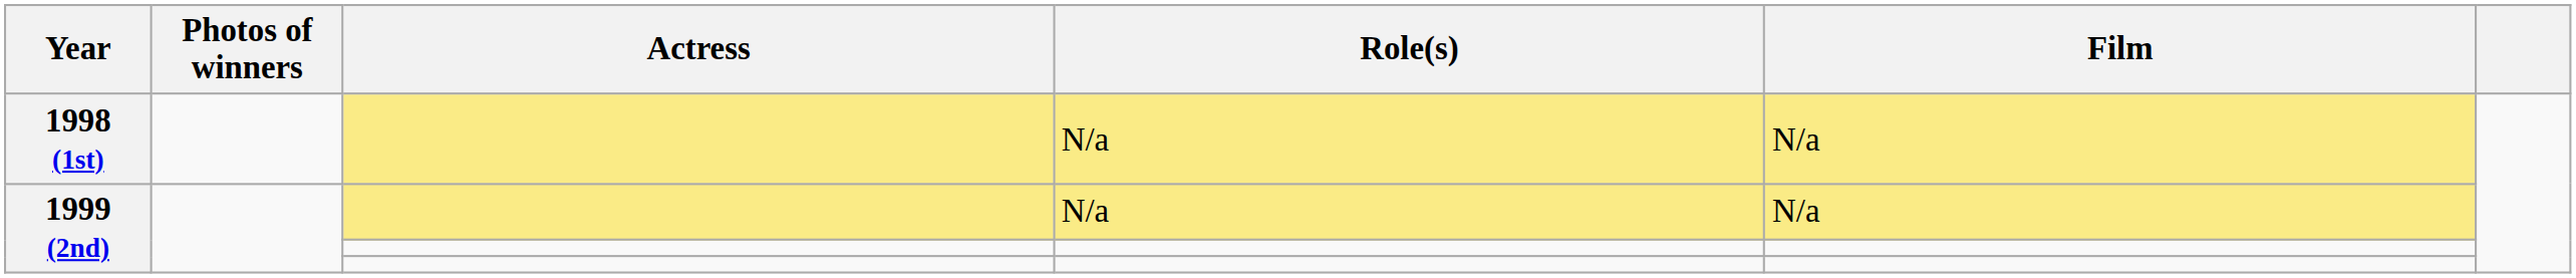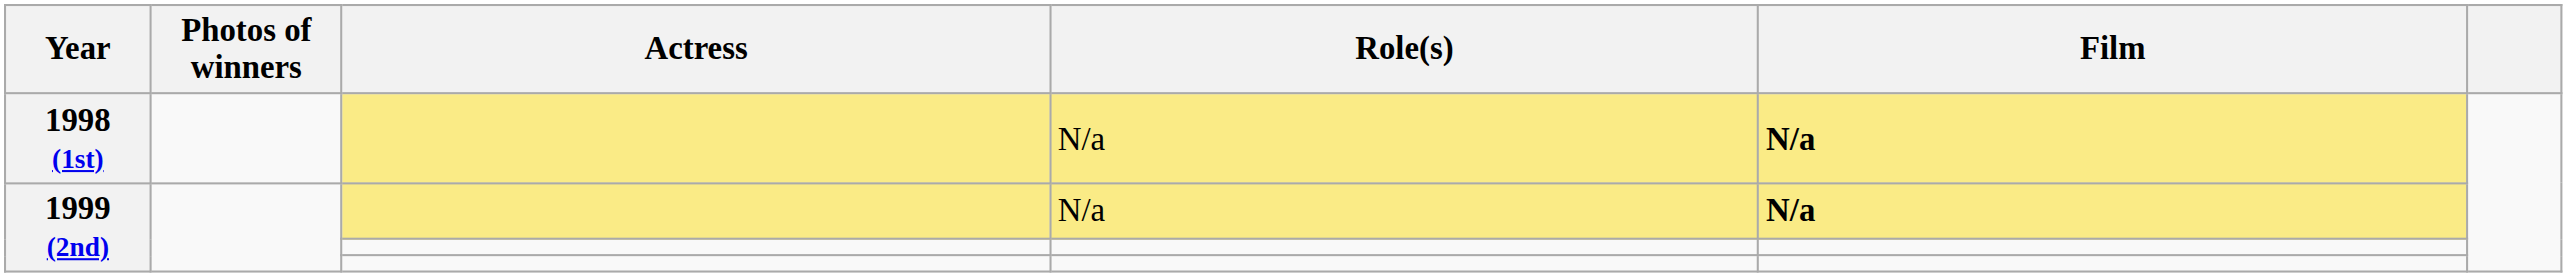 <table class="wikitable sortable" style="text-align:left;">
 <tr>
 <th scope="col" style="width:3%; text-align:center;">Year</th>
 <th scope="col" style="width:3%; text-align:center;">Photos of winners</th>
 <th scope="col" style="width:15%;text-align:center;">Actress</th>
 <th scope="col" style="width:15%;text-align:center;">Role(s)</th>
 <th scope="col" style="width:15%;text-align:center;">Film</th>
 <th scope="col" style="width:2%;" class="unsortable"></th>
 </tr>
 <tr>
 <th scope="row" rowspan=1 style="text-align:center">1998 <br><small><a href='#'>(1st)</a> </small></th>
 <td rowspan=1 style="text-align:center"></td>
 <td style="background:#FAEB86;"><strong></strong> </td>
 <td style="background:#FAEB86;">N/a</td>
-<td style="background:#FAEB86;">N/a</td>
+<td style="background:#FAEB86;"><strong>N/a</strong></td>
 </tr>
 <tr>
 <th scope="row" rowspan=3 style="text-align:center">1999 <br><small><a href='#'>(2nd)</a> </small></th>
 <td rowspan=3 style="text-align:center"></td>
 <td style="background:#FAEB86;"><strong></strong> </td>
 <td style="background:#FAEB86;">N/a</td>
-<td style="background:#FAEB86;">N/a</td>
+<td style="background:#FAEB86;"><strong>N/a</strong></td>
 </tr>
 <tr>
 <td></td>
 <td></td>
 <td></td>
 </tr>
 <tr>
 <td></td>
 <td></td>
 <td></td>
 </tr>
 </table>
